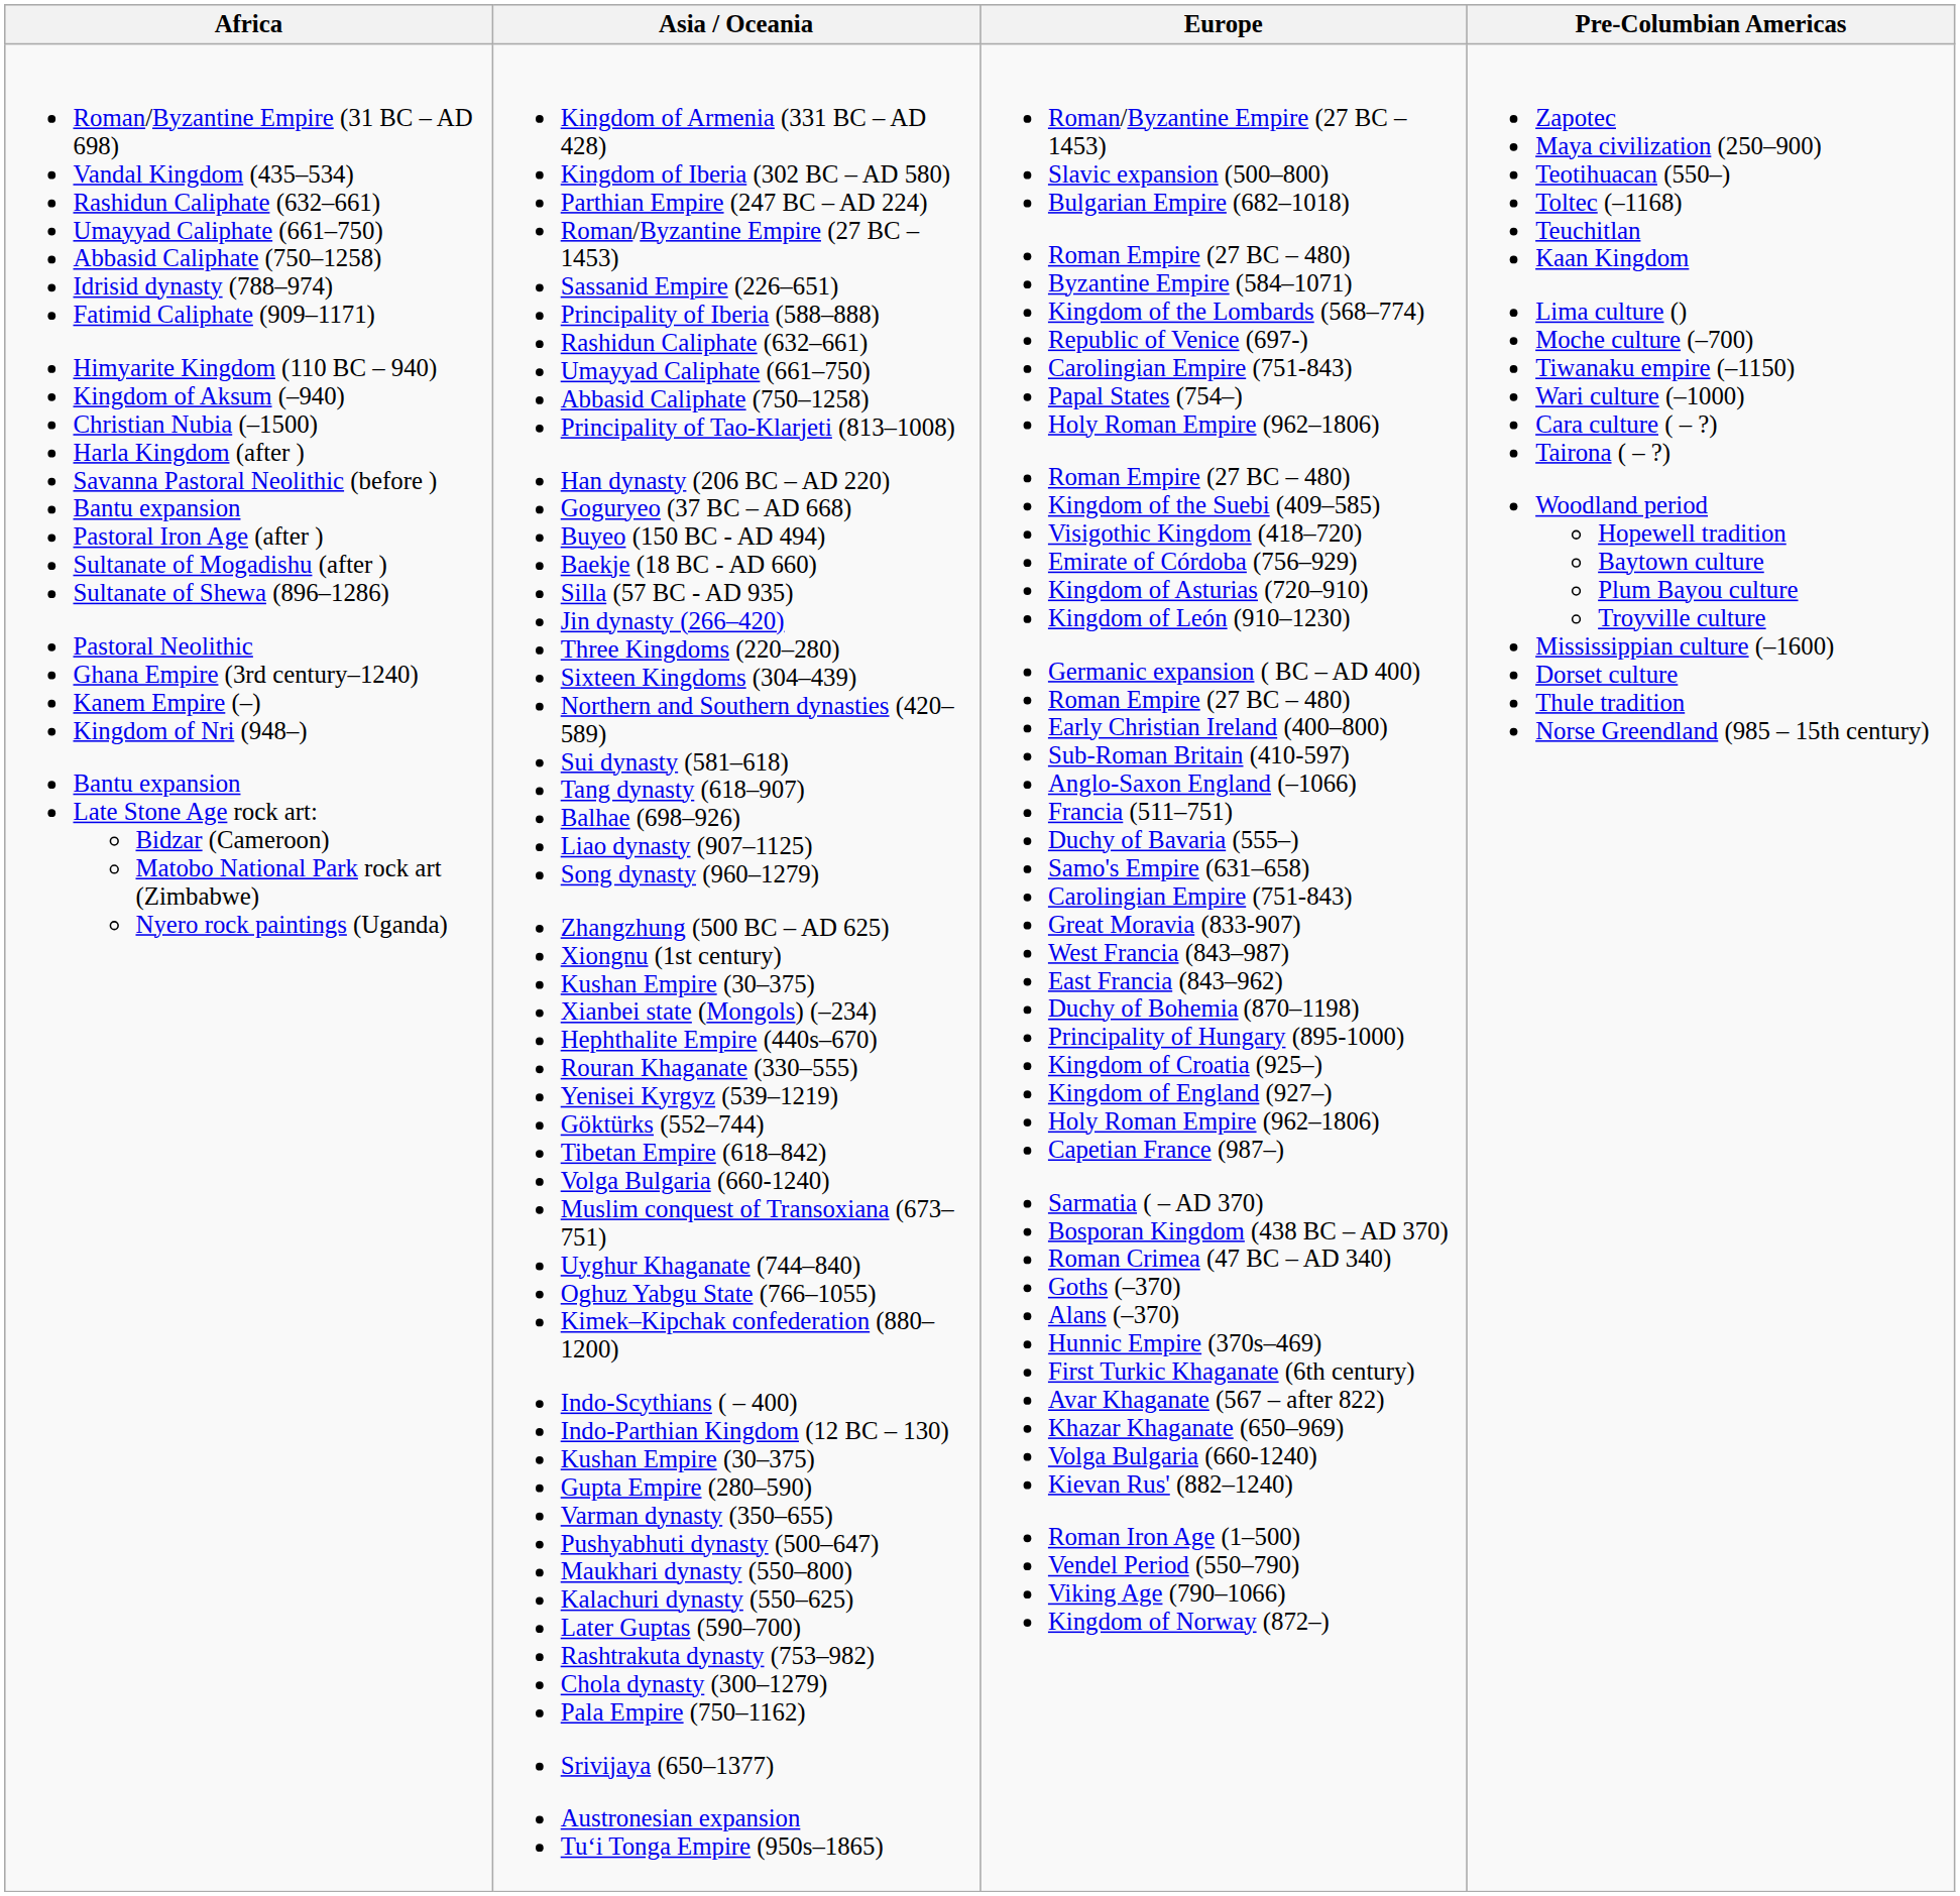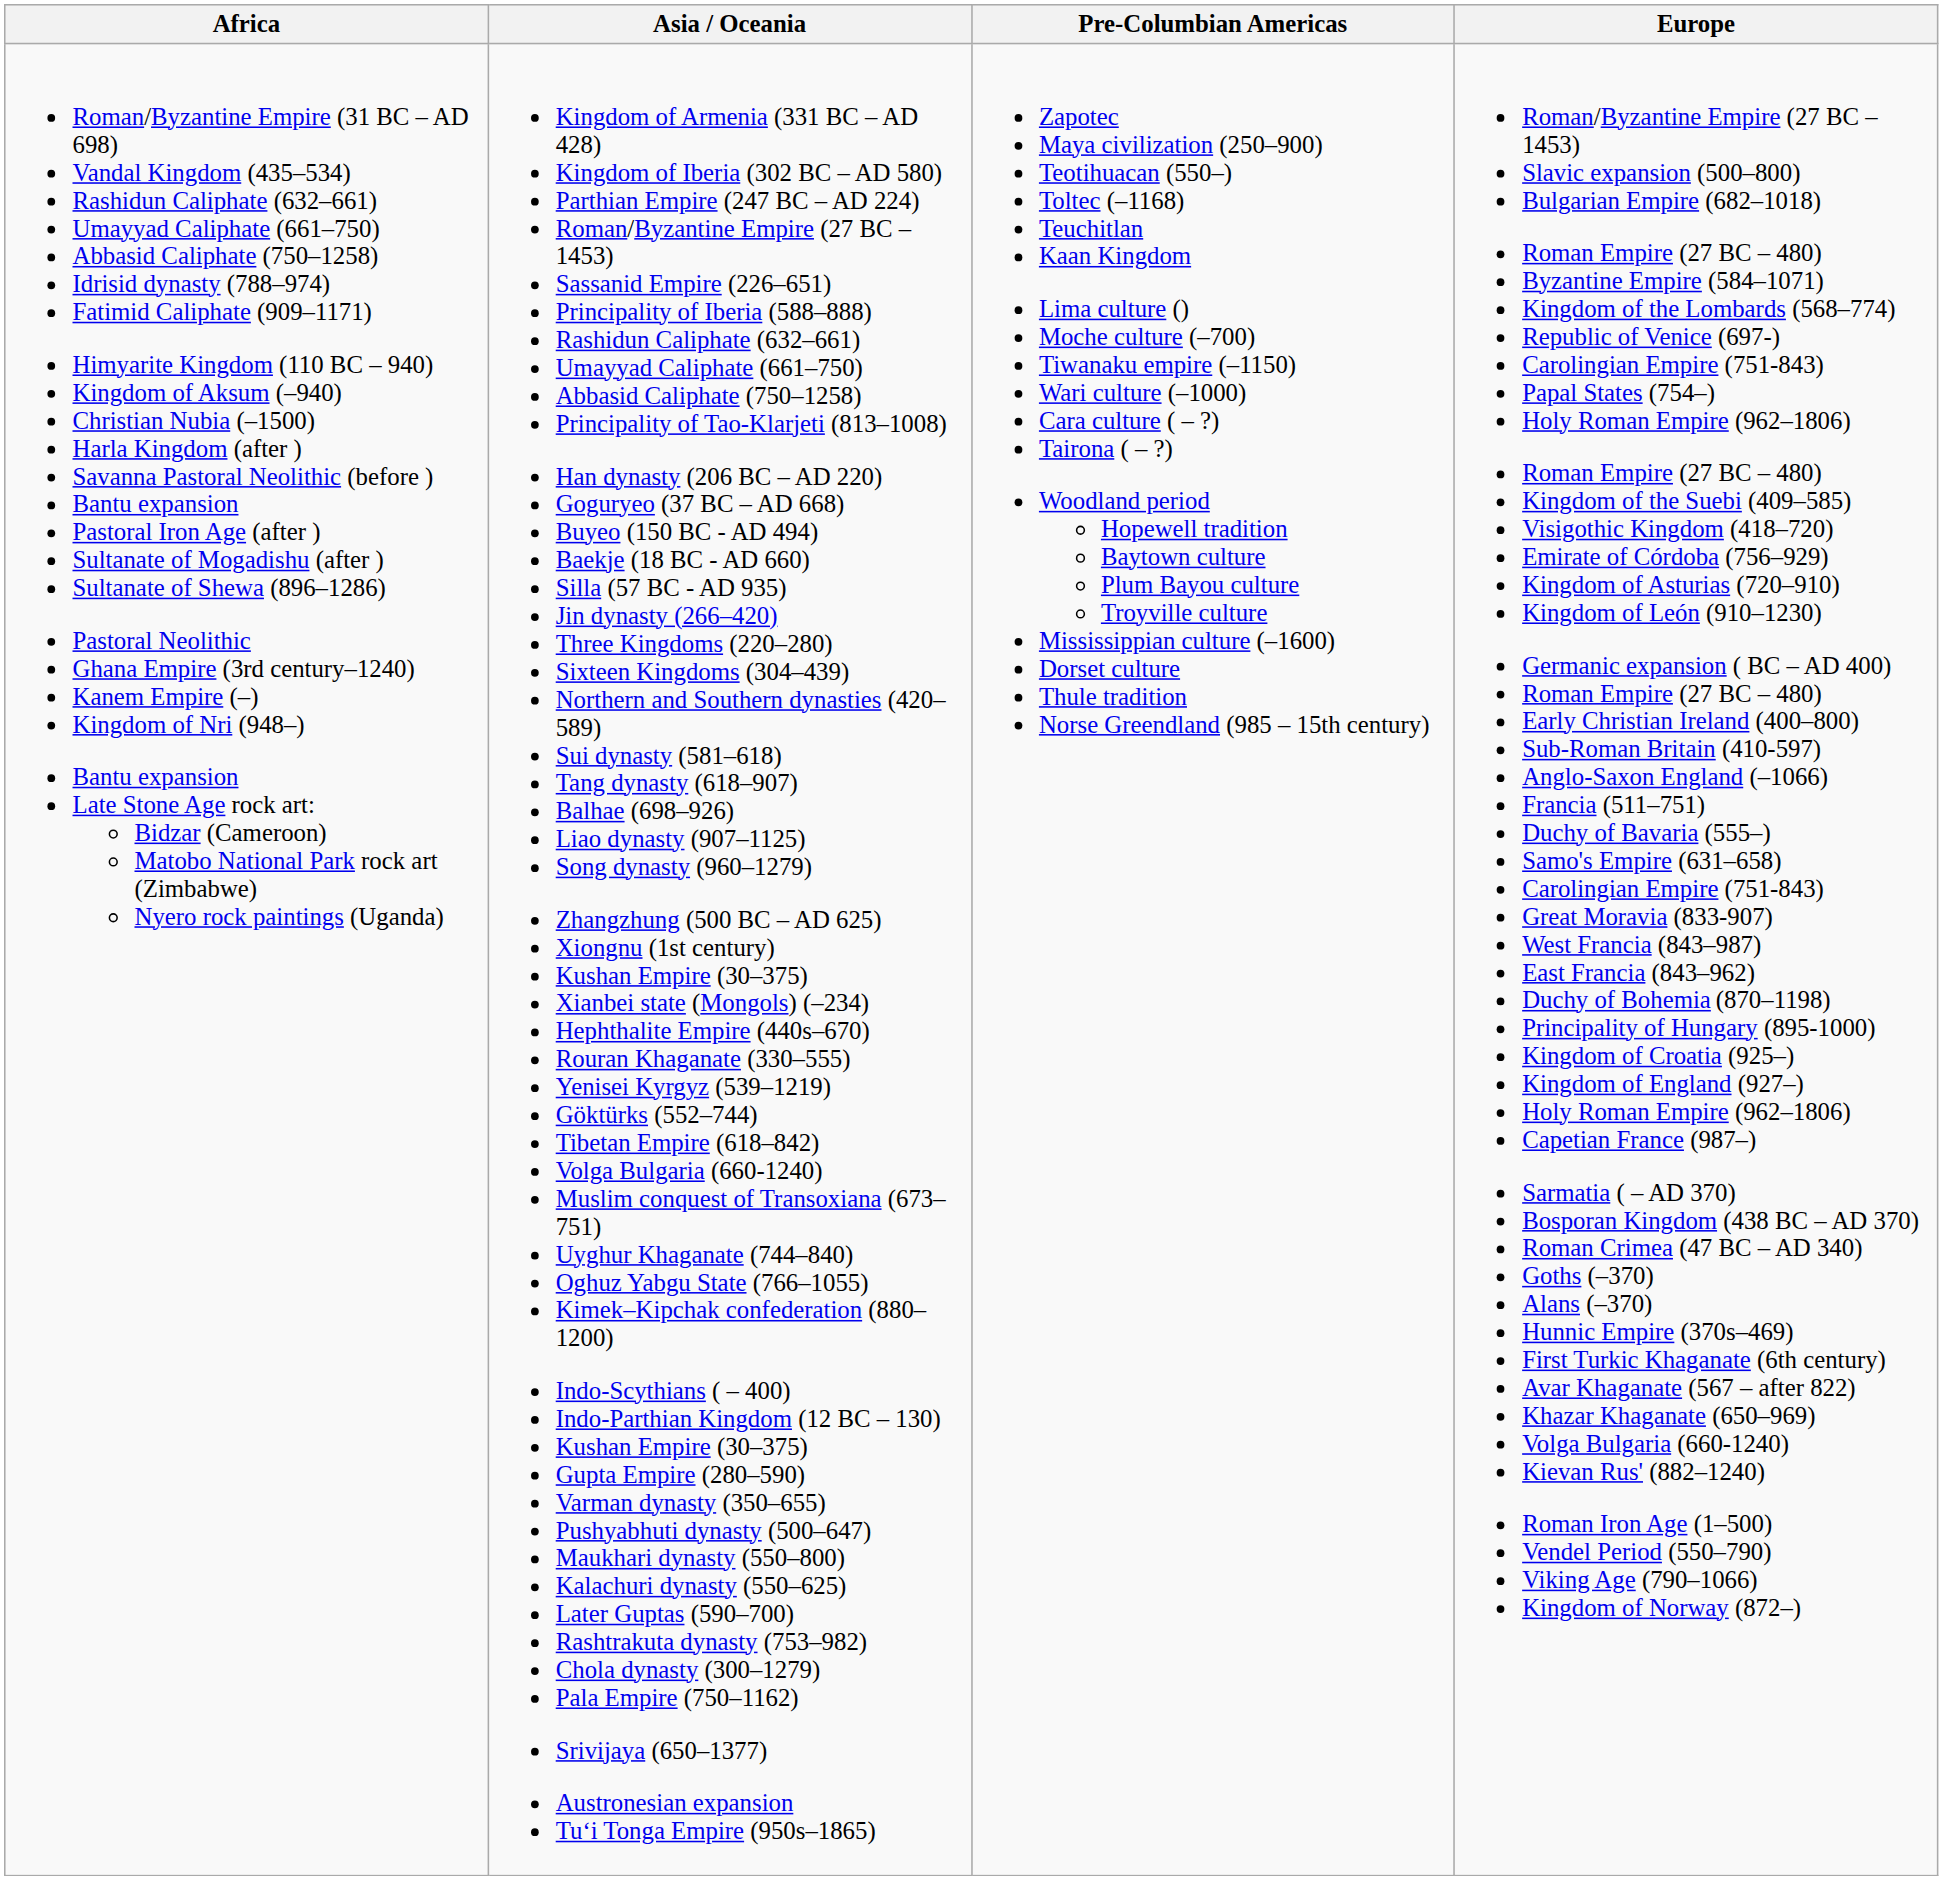 <table class="wikitable">
 <tr>
 <th style="width:18%;text-align:center;">Africa</th>
 <th style="width:18%;text-align:center;">Asia / Oceania</th>
+<th style="width:18%;text-align:center;">Pre-Columbian Americas</th>
 <th style="width:18%;text-align:center;">Europe</th>
-<th style="width:18%;text-align:center;">Pre-Columbian Americas</th>
 </tr>
 <tr style="vertical-align:top;">
 <td><br><ul><li><a href='#'>Roman</a>/<a href='#'>Byzantine Empire</a> (31 BC – AD 698)</li><li><a href='#'>Vandal Kingdom</a> (435–534)</li><li><a href='#'>Rashidun Caliphate</a> (632–661)</li><li><a href='#'>Umayyad Caliphate</a> (661–750)</li><li><a href='#'>Abbasid Caliphate</a> (750–1258)</li><li><a href='#'>Idrisid dynasty</a> (788–974)</li><li><a href='#'>Fatimid Caliphate</a> (909–1171)</li></ul><ul><li><a href='#'>Himyarite Kingdom</a> (110 BC – 940)</li><li><a href='#'>Kingdom of Aksum</a> (–940)</li><li><a href='#'>Christian Nubia</a> (–1500)</li><li><a href='#'>Harla Kingdom</a> (after )</li><li><a href='#'>Savanna Pastoral Neolithic</a> (before )</li><li><a href='#'>Bantu expansion</a></li><li><a href='#'>Pastoral Iron Age</a> (after )</li><li><a href='#'>Sultanate of Mogadishu</a> (after )</li><li><a href='#'>Sultanate of Shewa</a> (896–1286)</li></ul><ul><li><a href='#'>Pastoral Neolithic</a></li><li><a href='#'>Ghana Empire</a> (3rd century–1240)</li><li><a href='#'>Kanem Empire</a> (–)</li><li><a href='#'>Kingdom of Nri</a> (948–)</li></ul><ul><li><a href='#'>Bantu expansion</a></li><li><a href='#'>Late Stone Age</a> rock art:<ul><li><a href='#'>Bidzar</a> (Cameroon)</li><li><a href='#'>Matobo National Park</a> rock art (Zimbabwe)</li><li><a href='#'>Nyero rock paintings</a> (Uganda)</li></ul></li></ul></td>
 <td><br><ul><li><a href='#'>Kingdom of Armenia</a> (331 BC – AD 428)</li><li><a href='#'>Kingdom of Iberia</a> (302 BC – AD 580)</li><li><a href='#'>Parthian Empire</a> (247 BC – AD 224)</li><li><a href='#'>Roman</a>/<a href='#'>Byzantine Empire</a> (27 BC – 1453)</li><li><a href='#'>Sassanid Empire</a> (226–651)</li><li><a href='#'>Principality of Iberia</a> (588–888)</li><li><a href='#'>Rashidun Caliphate</a> (632–661)</li><li><a href='#'>Umayyad Caliphate</a> (661–750)</li><li><a href='#'>Abbasid Caliphate</a> (750–1258)</li><li><a href='#'>Principality of Tao-Klarjeti</a> (813–1008)</li></ul><ul><li><a href='#'>Han dynasty</a> (206 BC – AD 220)</li><li><a href='#'>Goguryeo</a> (37 BC – AD 668)</li><li><a href='#'>Buyeo</a> (150 BC - AD 494)</li><li><a href='#'>Baekje</a> (18 BC - AD 660)</li><li><a href='#'>Silla</a> (57 BC - AD 935)</li><li><a href='#'>Jin dynasty (266–420)</a></li><li><a href='#'>Three Kingdoms</a> (220–280)</li><li><a href='#'>Sixteen Kingdoms</a> (304–439)</li><li><a href='#'>Northern and Southern dynasties</a> (420–589)</li><li><a href='#'>Sui dynasty</a> (581–618)</li><li><a href='#'>Tang dynasty</a> (618–907)</li><li><a href='#'>Balhae</a> (698–926)</li><li><a href='#'>Liao dynasty</a> (907–1125)</li><li><a href='#'>Song dynasty</a> (960–1279)</li></ul><ul><li><a href='#'>Zhangzhung</a> (500 BC – AD 625)</li><li><a href='#'>Xiongnu</a> (1st century)</li><li><a href='#'>Kushan Empire</a> (30–375)</li><li><a href='#'>Xianbei state</a> (<a href='#'>Mongols</a>) (–234)</li><li><a href='#'>Hephthalite Empire</a> (440s–670)</li><li><a href='#'>Rouran Khaganate</a> (330–555)</li><li><a href='#'>Yenisei Kyrgyz</a> (539–1219)</li><li><a href='#'>Göktürks</a> (552–744)</li><li><a href='#'>Tibetan Empire</a> (618–842)</li><li><a href='#'>Volga Bulgaria</a> (660-1240)</li><li><a href='#'>Muslim conquest of Transoxiana</a> (673–751)</li><li><a href='#'>Uyghur Khaganate</a> (744–840)</li><li><a href='#'>Oghuz Yabgu State</a> (766–1055)</li><li><a href='#'>Kimek–Kipchak confederation</a> (880–1200)</li></ul><ul><li><a href='#'>Indo-Scythians</a> ( – 400)</li><li><a href='#'>Indo-Parthian Kingdom</a> (12 BC – 130)</li><li><a href='#'>Kushan Empire</a> (30–375)</li><li><a href='#'>Gupta Empire</a> (280–590)</li><li><a href='#'>Varman dynasty</a> (350–655)</li><li><a href='#'>Pushyabhuti dynasty</a> (500–647)</li><li><a href='#'>Maukhari dynasty</a> (550–800)</li><li><a href='#'>Kalachuri dynasty</a> (550–625)</li><li><a href='#'>Later Guptas</a> (590–700)</li><li><a href='#'>Rashtrakuta dynasty</a> (753–982)</li><li><a href='#'>Chola dynasty</a> (300–1279)</li><li><a href='#'>Pala Empire</a> (750–1162)</li></ul><ul><li><a href='#'>Srivijaya</a> (650–1377)</li></ul><ul><li><a href='#'>Austronesian expansion</a></li><li><a href='#'>Tuʻi Tonga Empire</a> (950s–1865)</li></ul></td>
+<td><br><ul><li><a href='#'>Zapotec</a></li><li><a href='#'>Maya civilization</a> (250–900)</li><li><a href='#'>Teotihuacan</a> (550–)</li><li><a href='#'>Toltec</a> (–1168)</li><li><a href='#'>Teuchitlan</a></li><li><a href='#'>Kaan Kingdom</a></li></ul><ul><li><a href='#'>Lima culture</a> ()</li><li><a href='#'>Moche culture</a> (–700)</li><li><a href='#'>Tiwanaku empire</a> (–1150)</li><li><a href='#'>Wari culture</a> (–1000)</li><li><a href='#'>Cara culture</a> ( – ?)</li><li><a href='#'>Tairona</a> ( – ?)</li></ul><ul><li><a href='#'>Woodland period</a><ul><li><a href='#'>Hopewell tradition</a></li><li><a href='#'>Baytown culture</a></li><li><a href='#'>Plum Bayou culture</a></li><li><a href='#'>Troyville culture</a></li></ul></li><li><a href='#'>Mississippian culture</a> (–1600)</li><li><a href='#'>Dorset culture</a></li><li><a href='#'>Thule tradition</a></li><li><a href='#'>Norse Greendland</a> (985 – 15th century)</li></ul></td>
 <td><br><ul><li><a href='#'>Roman</a>/<a href='#'>Byzantine Empire</a> (27 BC – 1453) </li><li><a href='#'>Slavic expansion</a> (500–800)</li><li><a href='#'>Bulgarian Empire</a> (682–1018)</li></ul><ul><li><a href='#'>Roman Empire</a> (27 BC – 480)</li><li><a href='#'>Byzantine Empire</a> (584–1071) </li><li><a href='#'>Kingdom of the Lombards</a> (568–774)</li><li><a href='#'>Republic of Venice</a> (697-)</li><li><a href='#'>Carolingian Empire</a> (751-843)</li><li><a href='#'>Papal States</a> (754–)</li><li><a href='#'>Holy Roman Empire</a> (962–1806)</li></ul><ul><li><a href='#'>Roman Empire</a> (27 BC – 480)</li><li><a href='#'>Kingdom of the Suebi</a> (409–585)</li><li><a href='#'>Visigothic Kingdom</a> (418–720)</li><li><a href='#'>Emirate of Córdoba</a> (756–929)</li><li><a href='#'>Kingdom of Asturias</a> (720–910)</li><li><a href='#'>Kingdom of León</a> (910–1230)</li></ul><ul><li><a href='#'>Germanic expansion</a> ( BC – AD 400)</li><li><a href='#'>Roman Empire</a> (27 BC – 480)</li><li><a href='#'>Early Christian Ireland</a> (400–800)</li><li><a href='#'>Sub-Roman Britain</a> (410-597)</li><li><a href='#'>Anglo-Saxon England</a> (–1066)</li><li><a href='#'>Francia</a> (511–751)</li><li><a href='#'>Duchy of Bavaria</a> (555–)</li><li><a href='#'>Samo's Empire</a> (631–658)</li><li><a href='#'>Carolingian Empire</a> (751-843)</li><li><a href='#'>Great Moravia</a> (833-907)</li><li><a href='#'>West Francia</a> (843–987)</li><li><a href='#'>East Francia</a> (843–962)</li><li><a href='#'>Duchy of Bohemia</a> (870–1198)</li><li><a href='#'>Principality of Hungary</a> (895-1000)</li><li><a href='#'>Kingdom of Croatia</a> (925–)</li><li><a href='#'>Kingdom of England</a> (927–)</li><li><a href='#'>Holy Roman Empire</a> (962–1806)</li><li><a href='#'>Capetian France</a> (987–)</li></ul><ul><li><a href='#'>Sarmatia</a> ( – AD 370)</li><li><a href='#'>Bosporan Kingdom</a> (438 BC – AD 370)</li><li><a href='#'>Roman Crimea</a> (47 BC – AD 340)</li><li><a href='#'>Goths</a> (–370)</li><li><a href='#'>Alans</a> (–370)</li><li><a href='#'>Hunnic Empire</a> (370s–469)</li><li><a href='#'>First Turkic Khaganate</a> (6th century)</li><li><a href='#'>Avar Khaganate</a> (567 – after 822)</li><li><a href='#'>Khazar Khaganate</a> (650–969)</li><li><a href='#'>Volga Bulgaria</a> (660-1240)</li><li><a href='#'>Kievan Rus'</a> (882–1240)</li></ul><ul><li><a href='#'>Roman Iron Age</a> (1–500)</li><li><a href='#'>Vendel Period</a> (550–790)</li><li><a href='#'>Viking Age</a> (790–1066)</li><li><a href='#'>Kingdom of Norway</a> (872–)</li></ul></td>
-<td><br><ul><li><a href='#'>Zapotec</a></li><li><a href='#'>Maya civilization</a> (250–900)</li><li><a href='#'>Teotihuacan</a> (550–)</li><li><a href='#'>Toltec</a> (–1168)</li><li><a href='#'>Teuchitlan</a></li><li><a href='#'>Kaan Kingdom</a></li></ul><ul><li><a href='#'>Lima culture</a> ()</li><li><a href='#'>Moche culture</a> (–700)</li><li><a href='#'>Tiwanaku empire</a> (–1150)</li><li><a href='#'>Wari culture</a> (–1000)</li><li><a href='#'>Cara culture</a> ( – ?)</li><li><a href='#'>Tairona</a> ( – ?)</li></ul><ul><li><a href='#'>Woodland period</a><ul><li><a href='#'>Hopewell tradition</a></li><li><a href='#'>Baytown culture</a></li><li><a href='#'>Plum Bayou culture</a></li><li><a href='#'>Troyville culture</a></li></ul></li><li><a href='#'>Mississippian culture</a> (–1600)</li><li><a href='#'>Dorset culture</a></li><li><a href='#'>Thule tradition</a></li><li><a href='#'>Norse Greendland</a> (985 – 15th century)</li></ul></td>
 </tr>
 </table>
